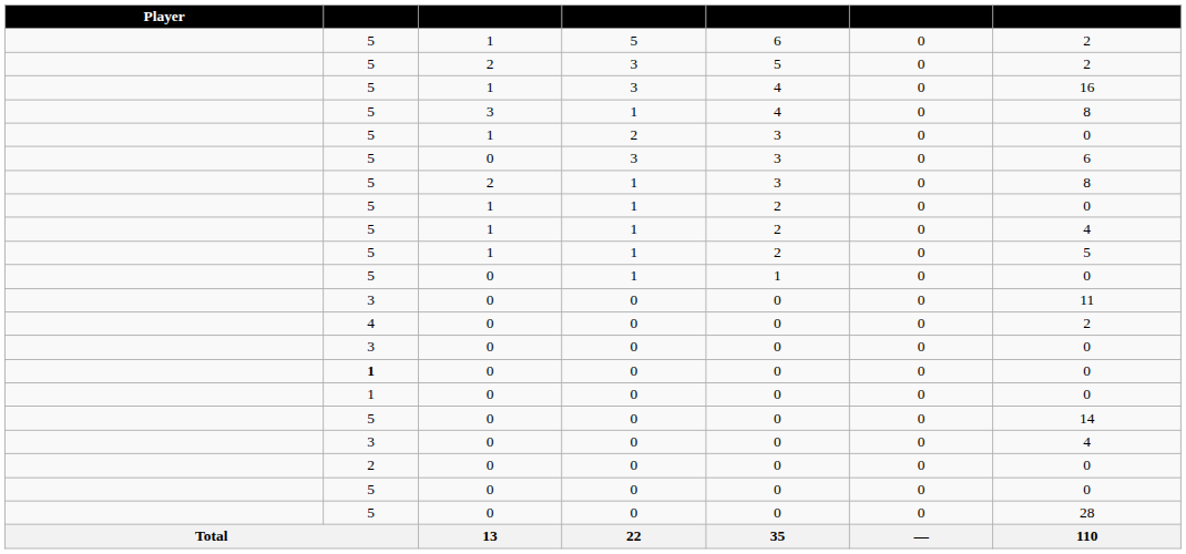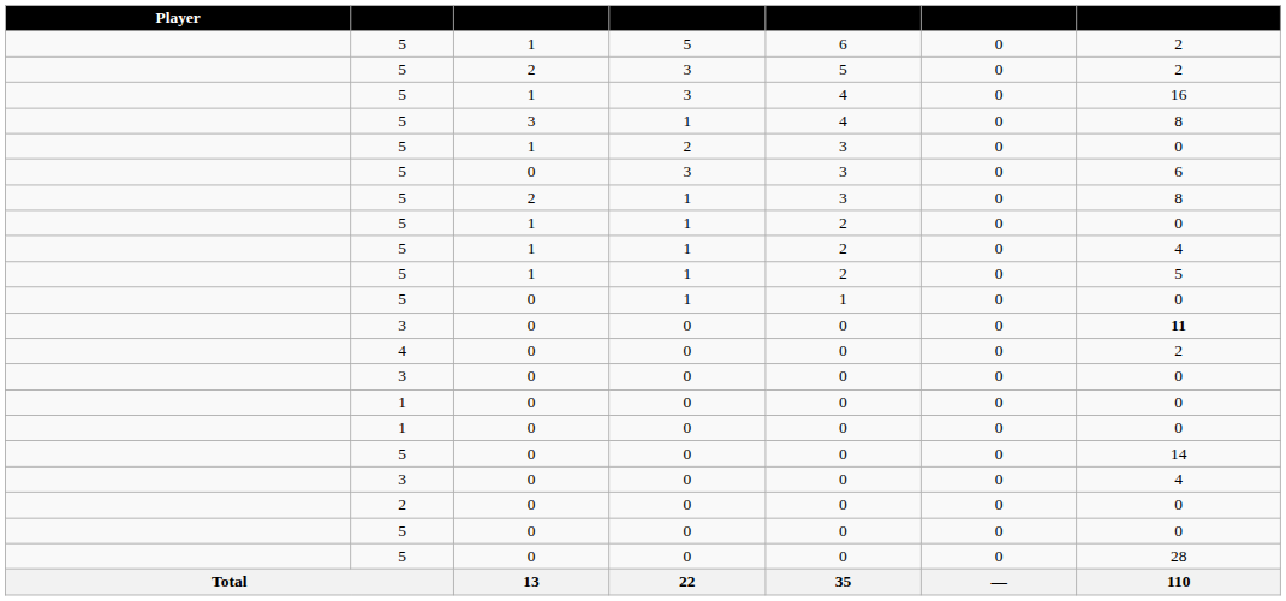 <table class="wikitable sortable" style="width:100%; text-align:center;">
 <tr>
 <th style="color:white; background:#000000; ">Player</th>
 <th style="color:white; background:#000000; "></th>
 <th style="color:white; background:#000000; "></th>
 <th style="color:white; background:#000000; "></th>
 <th style="color:white; background:#000000; "></th>
 <th style="color:white; background:#000000; "></th>
 <th style="color:white; background:#000000; "></th>
 </tr>
 <tr>
 <td></td>
 <td>5</td>
 <td>1</td>
 <td>5</td>
 <td>6</td>
 <td>0</td>
 <td>2</td>
 </tr>
 <tr>
 <td></td>
 <td>5</td>
 <td>2</td>
 <td>3</td>
 <td>5</td>
 <td>0</td>
 <td>2</td>
 </tr>
 <tr>
 <td></td>
 <td>5</td>
 <td>1</td>
 <td>3</td>
 <td>4</td>
 <td>0</td>
 <td>16</td>
 </tr>
 <tr>
 <td></td>
 <td>5</td>
 <td>3</td>
 <td>1</td>
 <td>4</td>
 <td>0</td>
 <td>8</td>
 </tr>
 <tr>
 <td></td>
 <td>5</td>
 <td>1</td>
 <td>2</td>
 <td>3</td>
 <td>0</td>
 <td>0</td>
 </tr>
 <tr>
 <td></td>
 <td>5</td>
 <td>0</td>
 <td>3</td>
 <td>3</td>
 <td>0</td>
 <td>6</td>
 </tr>
 <tr>
 <td></td>
 <td>5</td>
 <td>2</td>
 <td>1</td>
 <td>3</td>
 <td>0</td>
 <td>8</td>
 </tr>
 <tr>
 <td></td>
 <td>5</td>
 <td>1</td>
 <td>1</td>
 <td>2</td>
 <td>0</td>
 <td>0</td>
 </tr>
 <tr>
 <td></td>
 <td>5</td>
 <td>1</td>
 <td>1</td>
 <td>2</td>
 <td>0</td>
 <td>4</td>
 </tr>
 <tr>
 <td></td>
 <td>5</td>
 <td>1</td>
 <td>1</td>
 <td>2</td>
 <td>0</td>
 <td>5</td>
 </tr>
 <tr>
 <td></td>
 <td>5</td>
 <td>0</td>
 <td>1</td>
 <td>1</td>
 <td>0</td>
 <td>0</td>
 </tr>
 <tr>
 <td></td>
 <td>3</td>
 <td>0</td>
 <td>0</td>
 <td>0</td>
 <td>0</td>
-<td>11</td>
+<td><strong>11</strong></td>
 </tr>
 <tr>
 <td></td>
 <td>4</td>
 <td>0</td>
 <td>0</td>
 <td>0</td>
 <td>0</td>
 <td>2</td>
 </tr>
 <tr>
 <td></td>
 <td>3</td>
 <td>0</td>
 <td>0</td>
 <td>0</td>
 <td>0</td>
 <td>0</td>
 </tr>
 <tr>
 <td></td>
-<td><strong>1</strong></td>
+<td>1</td>
 <td>0</td>
 <td>0</td>
 <td>0</td>
 <td>0</td>
 <td>0</td>
 </tr>
 <tr>
 <td></td>
 <td>1</td>
 <td>0</td>
 <td>0</td>
 <td>0</td>
 <td>0</td>
 <td>0</td>
 </tr>
 <tr>
 <td></td>
 <td>5</td>
 <td>0</td>
 <td>0</td>
 <td>0</td>
 <td>0</td>
 <td>14</td>
 </tr>
 <tr>
 <td></td>
 <td>3</td>
 <td>0</td>
 <td>0</td>
 <td>0</td>
 <td>0</td>
 <td>4</td>
 </tr>
 <tr>
 <td></td>
 <td>2</td>
 <td>0</td>
 <td>0</td>
 <td>0</td>
 <td>0</td>
 <td>0</td>
 </tr>
 <tr>
 <td></td>
 <td>5</td>
 <td>0</td>
 <td>0</td>
 <td>0</td>
 <td>0</td>
 <td>0</td>
 </tr>
 <tr>
 <td></td>
 <td>5</td>
 <td>0</td>
 <td>0</td>
 <td>0</td>
 <td>0</td>
 <td>28</td>
 </tr>
 <tr class="sortbottom">
 <th colspan=2>Total</th>
 <th>13</th>
 <th>22</th>
 <th>35</th>
 <th>—</th>
 <th>110</th>
 </tr>
 </table>
